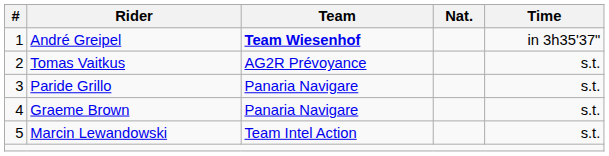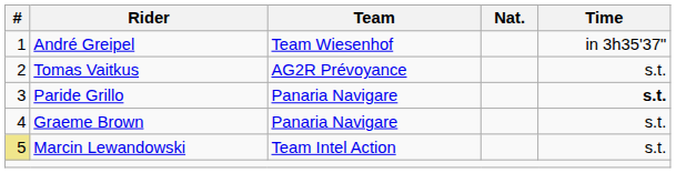 <table class=wikitable style="font-size:95%" width="70%">
 <tr>
 <th align=right>#</th>
 <th>Rider</th>
 <th>Team</th>
 <th>Nat.</th>
 <th align=right>Time</th>
 </tr>
 <tr>
 <td align=right>1</td>
 <td><a href='#'>André Greipel</a></td>
-<td><strong><a href='#'>Team Wiesenhof</a></strong></td>
+<td><a href='#'>Team Wiesenhof</a></td>
 <td></td>
 <td align=right>in 3h35'37"</td>
 </tr>
 <tr>
 <td align=right>2</td>
 <td><a href='#'>Tomas Vaitkus</a></td>
 <td><a href='#'>AG2R Prévoyance</a></td>
 <td></td>
 <td align=right>s.t.</td>
 </tr>
 <tr>
 <td align=right>3</td>
 <td><a href='#'>Paride Grillo</a></td>
 <td><a href='#'>Panaria Navigare</a></td>
 <td></td>
-<td align=right>s.t.</td>
+<td align=right><strong>s.t.</strong></td>
 </tr>
 <tr>
 <td align=right>4</td>
 <td><a href='#'>Graeme Brown</a></td>
 <td><a href='#'>Panaria Navigare</a></td>
 <td></td>
 <td align=right>s.t.</td>
 </tr>
 <tr>
-<td align=right>5</td>
+<td align=right style="background: khaki;">5</td>
 <td><a href='#'>Marcin Lewandowski</a></td>
 <td><a href='#'>Team Intel Action</a></td>
 <td></td>
 <td align=right>s.t.</td>
 </tr>
 <tr>
 <td align=right colspan=5></td>
 </tr>
 </table>
